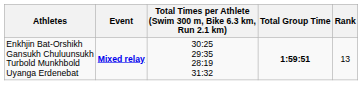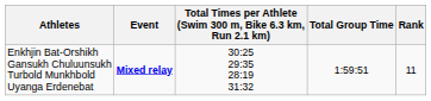 <table class=wikitable style=font-size:90%;text-align:center>
 <tr>
 <th>Athletes</th>
 <th>Event</th>
 <th>Total Times per Athlete<br>(Swim 300 m, Bike 6.3 km, <br> Run 2.1 km)</th>
 <th>Total Group Time</th>
 <th>Rank</th>
 </tr>
 <tr>
 <td align=left>Enkhjin Bat-Orshikh<br>Gansukh Chuluunsukh<br>Turbold Munkhbold<br>Uyanga Erdenebat</td>
 <td align=left><strong><a href='#'>Mixed relay</a></strong></td>
 <td>30:25<br>29:35<br>28:19<br>31:32</td>
-<td><strong>1:59:51</strong></td>
-<td>13</td>
+<td>1:59:51</td>
+<td>11</td>
 </tr>
 </table>
